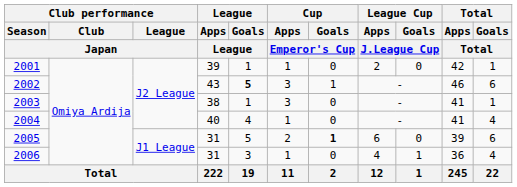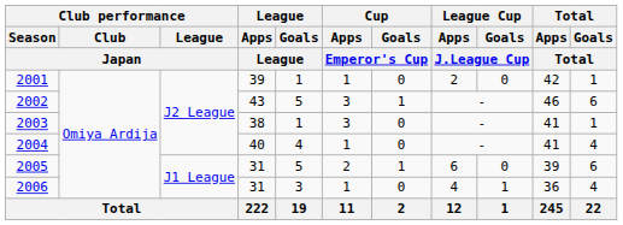 <table class="wikitable" style="text-align:center;">
 <tr>
 <th colspan=3>Club performance</th>
 <th colspan=2>League</th>
 <th colspan=2>Cup</th>
 <th colspan=2>League Cup</th>
 <th colspan=2>Total</th>
 </tr>
 <tr>
 <th>Season</th>
 <th>Club</th>
 <th>League</th>
 <th>Apps</th>
 <th>Goals</th>
 <th>Apps</th>
 <th>Goals</th>
 <th>Apps</th>
 <th>Goals</th>
 <th>Apps</th>
 <th>Goals</th>
 </tr>
 <tr>
 <th colspan=3>Japan</th>
 <th colspan=2>League</th>
 <th colspan=2><a href='#'>Emperor's Cup</a></th>
 <th colspan=2><a href='#'>J.League Cup</a></th>
 <th colspan=2>Total</th>
 </tr>
 <tr>
 <td><a href='#'>2001</a></td>
 <td rowspan=6><a href='#'>Omiya Ardija</a></td>
 <td rowspan=4><a href='#'>J2 League</a></td>
 <td>39</td>
 <td>1</td>
 <td>1</td>
 <td>0</td>
 <td>2</td>
 <td>0</td>
 <td>42</td>
 <td>1</td>
 </tr>
 <tr>
 <td><a href='#'>2002</a></td>
 <td>43</td>
-<td><strong>5</strong></td>
+<td>5</td>
 <td>3</td>
 <td>1</td>
 <td colspan=2>-</td>
 <td>46</td>
 <td>6</td>
 </tr>
 <tr>
 <td><a href='#'>2003</a></td>
 <td>38</td>
 <td>1</td>
 <td>3</td>
 <td>0</td>
 <td colspan=2>-</td>
 <td>41</td>
 <td>1</td>
 </tr>
 <tr>
 <td><a href='#'>2004</a></td>
 <td>40</td>
 <td>4</td>
 <td>1</td>
 <td>0</td>
 <td colspan=2>-</td>
 <td>41</td>
 <td>4</td>
 </tr>
 <tr>
 <td><a href='#'>2005</a></td>
 <td rowspan=2><a href='#'>J1 League</a></td>
 <td>31</td>
 <td>5</td>
 <td>2</td>
-<td><strong>1</strong></td>
+<td>1</td>
 <td>6</td>
 <td>0</td>
 <td>39</td>
 <td>6</td>
 </tr>
 <tr>
 <td><a href='#'>2006</a></td>
 <td>31</td>
 <td>3</td>
 <td>1</td>
 <td>0</td>
 <td>4</td>
 <td>1</td>
 <td>36</td>
 <td>4</td>
 </tr>
 <tr>
 <th colspan=3>Total</th>
 <th>222</th>
 <th>19</th>
 <th>11</th>
 <th>2</th>
 <th>12</th>
 <th>1</th>
 <th>245</th>
 <th>22</th>
 </tr>
 </table>
